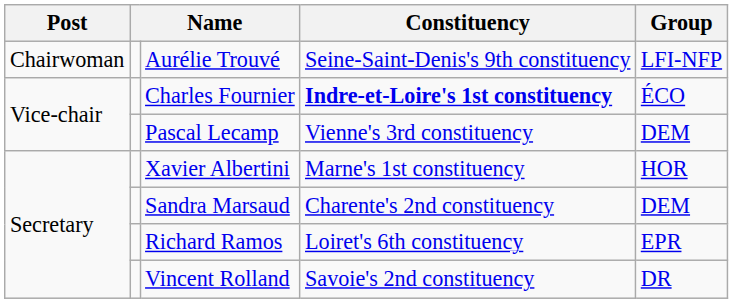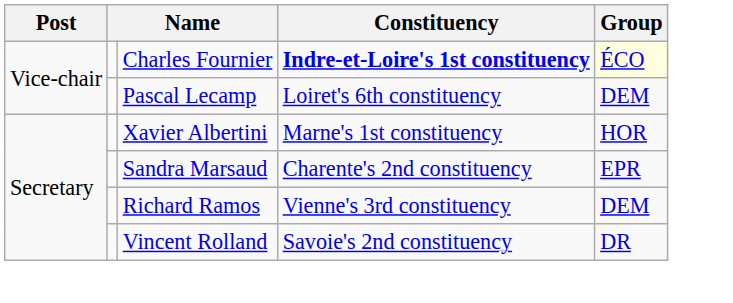 <table class="wikitable" style="font-size:95%;">
 <tr>
 <th>Post</th>
 <th colspan=2>Name</th>
 <th>Constituency</th>
 <th>Group</th>
 </tr>
 <tr>
-<td>Chairwoman</td>
-<td style="background:"></td>
-<td><a href='#'>Aurélie Trouvé</a></td>
-<td><a href='#'>Seine-Saint-Denis's 9th constituency</a></td>
-<td><a href='#'>LFI-NFP</a></td>
-</tr>
-<tr>
 <td rowspan=2>Vice-chair</td>
 <td style="background:"></td>
 <td><a href='#'>Charles Fournier</a></td>
 <td><strong><a href='#'>Indre-et-Loire's 1st constituency</a></strong></td>
-<td><a href='#'>ÉCO</a></td>
+<td style="background: lightyellow;"><a href='#'>ÉCO</a></td>
 </tr>
 <tr>
 <td style="background:"></td>
 <td><a href='#'>Pascal Lecamp</a></td>
-<td><a href='#'>Vienne's 3rd constituency</a></td>
+<td><a href='#'>Loiret's 6th constituency</a></td>
 <td><a href='#'>DEM</a></td>
 </tr>
 <tr>
 <td rowspan=4>Secretary</td>
 <td style="background:"></td>
 <td><a href='#'>Xavier Albertini</a></td>
 <td><a href='#'>Marne's 1st constituency</a></td>
 <td><a href='#'>HOR</a></td>
 </tr>
 <tr>
 <td style="background:"></td>
 <td><a href='#'>Sandra Marsaud</a></td>
 <td><a href='#'>Charente's 2nd constituency</a></td>
-<td><a href='#'>DEM</a></td>
+<td><a href='#'>EPR</a></td>
 </tr>
 <tr>
 <td style="background:"></td>
 <td><a href='#'>Richard Ramos</a></td>
-<td><a href='#'>Loiret's 6th constituency</a></td>
-<td><a href='#'>EPR</a></td>
+<td><a href='#'>Vienne's 3rd constituency</a></td>
+<td><a href='#'>DEM</a></td>
 </tr>
 <tr>
 <td style="background:"></td>
 <td><a href='#'>Vincent Rolland</a></td>
 <td><a href='#'>Savoie's 2nd constituency</a></td>
 <td><a href='#'>DR</a></td>
 </tr>
 </table>
